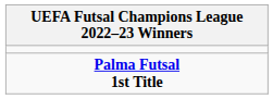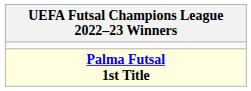 <table class="wikitable" style="text-align: center; margin: 0 auto; width: 22%">
 <tr>
 <th>UEFA Futsal Champions League <br>2022–23 Winners</th>
 </tr>
 <tr>
 <td></td>
 </tr>
 <tr>
-<td><strong><a href='#'>Palma Futsal</a> </strong><br><strong>1st Title</strong></td>
+<td style="background: lightyellow;"><strong><a href='#'>Palma Futsal</a> </strong><br><strong>1st Title</strong></td>
 </tr>
 </table>
